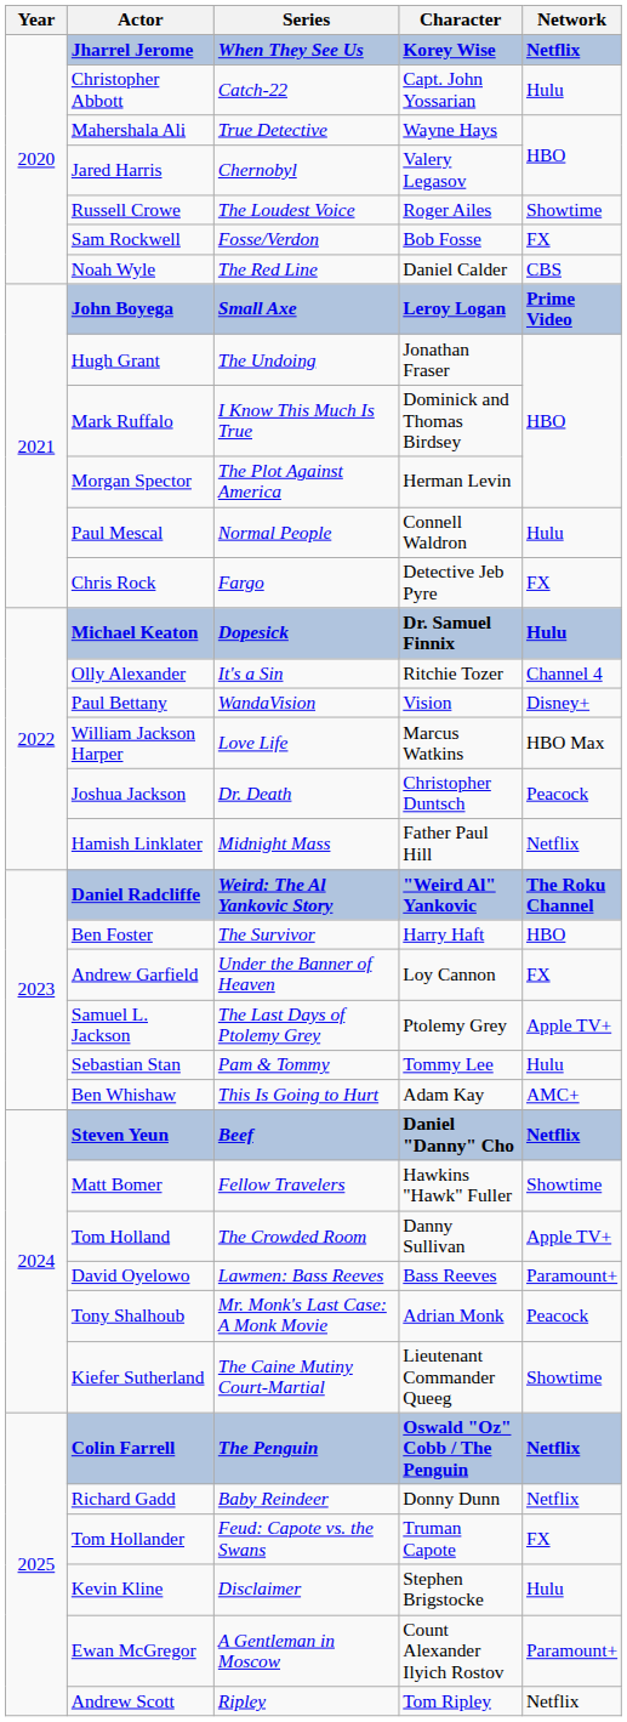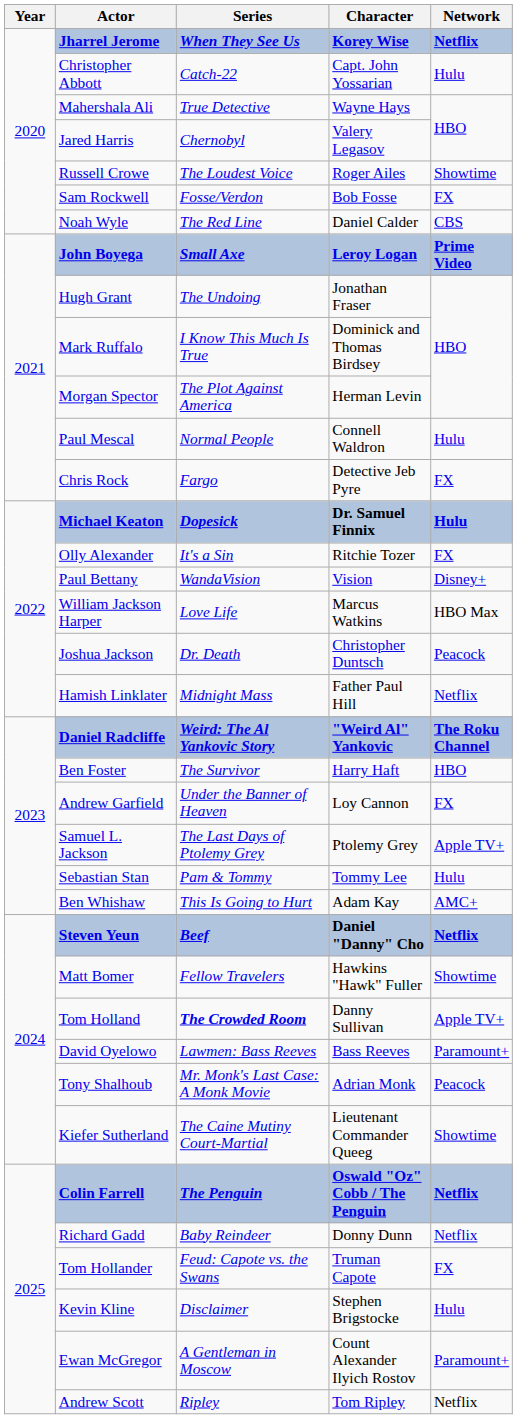 <table class="wikitable" style="width:85%">
 <tr style="background:#bebebe;">
 <th style="width:10%;">Year</th>
 <th style="wodth:25%;">Actor</th>
 <th style="width:30%;">Series</th>
 <th style="width:20%;">Character</th>
 <th style="width:15%;">Network</th>
 </tr>
 <tr>
 <td rowspan="7" style="text-align:center;"><a href='#'>2020</a><br></td>
 <td style="background:#B0C4DE;"><strong><a href='#'>Jharrel Jerome</a></strong></td>
 <td style="background:#B0C4DE;"><strong><em><a href='#'>When They See Us</a></em></strong></td>
 <td style="background:#B0C4DE;"><strong><a href='#'>Korey Wise</a></strong></td>
 <td style="background:#B0C4DE;"><strong><a href='#'>Netflix</a></strong></td>
 </tr>
 <tr>
 <td><a href='#'>Christopher Abbott</a></td>
 <td><em><a href='#'>Catch-22</a></em></td>
 <td><a href='#'>Capt. John Yossarian</a></td>
 <td><a href='#'>Hulu</a></td>
 </tr>
 <tr>
 <td><a href='#'>Mahershala Ali</a></td>
 <td><em><a href='#'>True Detective</a></em></td>
 <td><a href='#'>Wayne Hays</a></td>
 <td rowspan="2"><a href='#'>HBO</a></td>
 </tr>
 <tr>
 <td><a href='#'>Jared Harris</a></td>
 <td><em><a href='#'>Chernobyl</a></em></td>
 <td><a href='#'>Valery Legasov</a></td>
 </tr>
 <tr>
 <td><a href='#'>Russell Crowe</a></td>
 <td><em><a href='#'>The Loudest Voice</a></em></td>
 <td><a href='#'>Roger Ailes</a></td>
 <td><a href='#'>Showtime</a></td>
 </tr>
 <tr>
 <td><a href='#'>Sam Rockwell</a></td>
 <td><em><a href='#'>Fosse/Verdon</a></em></td>
 <td><a href='#'>Bob Fosse</a></td>
 <td><a href='#'>FX</a></td>
 </tr>
 <tr>
 <td><a href='#'>Noah Wyle</a></td>
 <td><em><a href='#'>The Red Line</a></em></td>
 <td>Daniel Calder</td>
 <td><a href='#'>CBS</a></td>
 </tr>
 <tr>
 <td rowspan="6" style="text-align:center;"><a href='#'>2021</a><br></td>
 <td style="background:#B0C4DE;"><strong><a href='#'>John Boyega</a></strong></td>
 <td style="background:#B0C4DE;"><strong><em><a href='#'>Small Axe</a></em></strong></td>
 <td style="background:#B0C4DE;"><strong><a href='#'>Leroy Logan</a></strong></td>
 <td style="background:#B0C4DE;"><strong><a href='#'>Prime Video</a></strong></td>
 </tr>
 <tr>
 <td><a href='#'>Hugh Grant</a></td>
 <td><em><a href='#'>The Undoing</a></em></td>
 <td>Jonathan Fraser</td>
 <td rowspan="3"><a href='#'>HBO</a></td>
 </tr>
 <tr>
 <td><a href='#'>Mark Ruffalo</a></td>
 <td><em><a href='#'>I Know This Much Is True</a></em></td>
 <td>Dominick and Thomas Birdsey</td>
 </tr>
 <tr>
 <td><a href='#'>Morgan Spector</a></td>
 <td><em><a href='#'>The Plot Against America</a></em></td>
 <td>Herman Levin</td>
 </tr>
 <tr>
 <td><a href='#'>Paul Mescal</a></td>
 <td><em><a href='#'>Normal People</a></em></td>
 <td>Connell Waldron</td>
 <td><a href='#'>Hulu</a></td>
 </tr>
 <tr>
 <td><a href='#'>Chris Rock</a></td>
 <td><em><a href='#'>Fargo</a></em></td>
 <td>Detective Jeb Pyre</td>
 <td><a href='#'>FX</a></td>
 </tr>
 <tr>
 <td rowspan="6" style="text-align:center;"><a href='#'>2022</a><br></td>
 <td style="background:#B0C4DE;"><strong><a href='#'>Michael Keaton</a></strong></td>
 <td style="background:#B0C4DE;"><strong><em><a href='#'>Dopesick</a></em></strong></td>
 <td style="background:#B0C4DE;"><strong>Dr. Samuel Finnix</strong></td>
 <td style="background:#B0C4DE;"><strong><a href='#'>Hulu</a></strong></td>
 </tr>
 <tr>
 <td><a href='#'>Olly Alexander</a></td>
 <td><em><a href='#'>It's a Sin</a></em></td>
 <td>Ritchie Tozer</td>
-<td><a href='#'>Channel 4</a></td>
+<td><a href='#'>FX</a></td>
 </tr>
 <tr>
 <td><a href='#'>Paul Bettany</a></td>
 <td><em><a href='#'>WandaVision</a></em></td>
 <td><a href='#'>Vision</a></td>
 <td><a href='#'>Disney+</a></td>
 </tr>
 <tr>
 <td><a href='#'>William Jackson Harper</a></td>
 <td><em><a href='#'>Love Life</a></em></td>
 <td>Marcus Watkins</td>
 <td>HBO Max</td>
 </tr>
 <tr>
 <td><a href='#'>Joshua Jackson</a></td>
 <td><em><a href='#'>Dr. Death</a></em></td>
 <td><a href='#'>Christopher Duntsch</a></td>
 <td><a href='#'>Peacock</a></td>
 </tr>
 <tr>
 <td><a href='#'>Hamish Linklater</a></td>
 <td><em><a href='#'>Midnight Mass</a></em></td>
 <td>Father Paul Hill</td>
 <td><a href='#'>Netflix</a></td>
 </tr>
 <tr>
 <td rowspan="6" style="text-align:center;"><a href='#'>2023</a><br></td>
 <td style="background:#B0C4DE;"><strong><a href='#'>Daniel Radcliffe</a></strong></td>
 <td style="background:#B0C4DE;"><strong><em><a href='#'>Weird: The Al Yankovic Story</a></em></strong></td>
 <td style="background:#B0C4DE;"><strong><a href='#'>"Weird Al" Yankovic</a></strong></td>
 <td style="background:#B0C4DE;"><strong><a href='#'>The Roku Channel</a></strong></td>
 </tr>
 <tr>
 <td><a href='#'>Ben Foster</a></td>
 <td><em><a href='#'>The Survivor</a></em></td>
 <td><a href='#'>Harry Haft</a></td>
 <td><a href='#'>HBO</a></td>
 </tr>
 <tr>
 <td><a href='#'>Andrew Garfield</a></td>
 <td><em><a href='#'>Under the Banner of Heaven</a></em></td>
 <td>Loy Cannon</td>
 <td><a href='#'>FX</a></td>
 </tr>
 <tr>
 <td><a href='#'>Samuel L. Jackson</a></td>
 <td><em><a href='#'>The Last Days of Ptolemy Grey</a></em></td>
 <td>Ptolemy Grey</td>
 <td><a href='#'>Apple TV+</a></td>
 </tr>
 <tr>
 <td><a href='#'>Sebastian Stan</a></td>
 <td><em><a href='#'>Pam & Tommy</a></em></td>
 <td><a href='#'>Tommy Lee</a></td>
 <td><a href='#'>Hulu</a></td>
 </tr>
 <tr>
 <td><a href='#'>Ben Whishaw</a></td>
 <td><em><a href='#'>This Is Going to Hurt</a></em></td>
 <td>Adam Kay</td>
 <td><a href='#'>AMC+</a></td>
 </tr>
 <tr>
 <td rowspan="6" style="text-align:center;"><a href='#'>2024</a><br></td>
 <td style="background:#B0C4DE;"><strong><a href='#'>Steven Yeun</a></strong></td>
 <td style="background:#B0C4DE;"><strong><em><a href='#'>Beef</a></em></strong></td>
 <td style="background:#B0C4DE;"><strong>Daniel "Danny" Cho</strong></td>
 <td style="background:#B0C4DE;"><strong> <a href='#'>Netflix</a></strong></td>
 </tr>
 <tr>
 <td><a href='#'>Matt Bomer</a></td>
 <td><em><a href='#'>Fellow Travelers</a></em></td>
 <td>Hawkins "Hawk" Fuller</td>
 <td><a href='#'>Showtime</a></td>
 </tr>
 <tr>
 <td><a href='#'>Tom Holland</a></td>
-<td><em><a href='#'>The Crowded Room</a></em></td>
+<td><strong><em><a href='#'>The Crowded Room</a></em></strong></td>
 <td>Danny Sullivan</td>
 <td><a href='#'>Apple TV+</a></td>
 </tr>
 <tr>
 <td><a href='#'>David Oyelowo</a></td>
 <td><em><a href='#'>Lawmen: Bass Reeves</a></em></td>
 <td><a href='#'>Bass Reeves</a></td>
 <td><a href='#'>Paramount+</a></td>
 </tr>
 <tr>
 <td><a href='#'>Tony Shalhoub</a></td>
 <td><em><a href='#'>Mr. Monk's Last Case: A Monk Movie</a></em></td>
 <td><a href='#'>Adrian Monk</a></td>
 <td><a href='#'>Peacock</a></td>
 </tr>
 <tr>
 <td><a href='#'>Kiefer Sutherland</a></td>
 <td><em><a href='#'>The Caine Mutiny Court-Martial</a></em></td>
 <td>Lieutenant Commander Queeg</td>
 <td><a href='#'>Showtime</a></td>
 </tr>
 <tr>
 <td rowspan="6" style="text-align:center;"><a href='#'>2025</a><br></td>
 <td style="background:#B0C4DE;"><strong><a href='#'>Colin Farrell</a></strong></td>
 <td style="background:#B0C4DE;"><strong><em><a href='#'>The Penguin</a></em></strong></td>
 <td style="background:#B0C4DE;"><strong><a href='#'>Oswald "Oz" Cobb / The Penguin</a></strong></td>
 <td style="background:#B0C4DE;"><strong><a href='#'>Netflix</a></strong></td>
 </tr>
 <tr>
 <td><a href='#'>Richard Gadd</a></td>
 <td><em><a href='#'>Baby Reindeer</a></em></td>
 <td>Donny Dunn</td>
 <td><a href='#'>Netflix</a></td>
 </tr>
 <tr>
 <td><a href='#'>Tom Hollander</a></td>
 <td><em><a href='#'>Feud: Capote vs. the Swans</a></em></td>
 <td><a href='#'>Truman Capote</a></td>
 <td><a href='#'>FX</a></td>
 </tr>
 <tr>
 <td><a href='#'>Kevin Kline</a></td>
 <td><em><a href='#'>Disclaimer</a></em></td>
 <td>Stephen Brigstocke</td>
 <td><a href='#'>Hulu</a></td>
 </tr>
 <tr>
 <td><a href='#'>Ewan McGregor</a></td>
 <td><em><a href='#'>A Gentleman in Moscow</a></em></td>
 <td>Count Alexander Ilyich Rostov</td>
 <td><a href='#'>Paramount+</a></td>
 </tr>
 <tr>
 <td><a href='#'>Andrew Scott</a></td>
 <td><em><a href='#'>Ripley</a></em></td>
 <td><a href='#'>Tom Ripley</a></td>
 <td>Netflix</td>
 </tr>
 </table>
